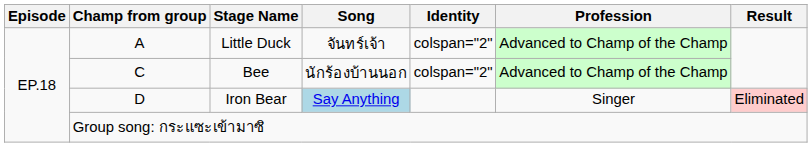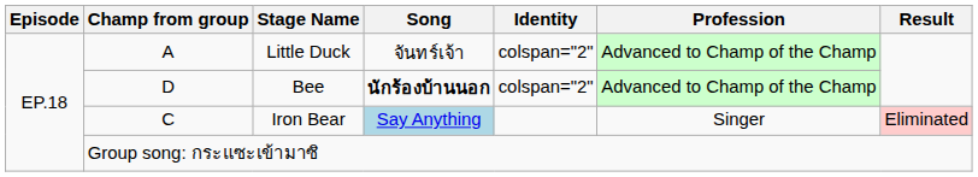 <table class="wikitable">
 <tr>
 <th>Episode</th>
 <th>Champ from group</th>
 <th>Stage Name</th>
 <th>Song</th>
 <th>Identity</th>
 <th>Profession</th>
 <th>Result</th>
 </tr>
 <tr>
 <td rowspan="4" align="center">EP.18</td>
 <td align="center">A</td>
 <td align="center">Little Duck</td>
 <td align="center">จันทร์เจ้า</td>
 <td>colspan="2"  </td>
 <td style="text-align:center; background:#ccffcc;">Advanced to Champ of the Champ</td>
 </tr>
 <tr>
-<td align="center">C</td>
+<td align="center">D</td>
 <td align="center">Bee</td>
-<td align="center">นักร้องบ้านนอก</td>
+<td align="center"><strong>นักร้องบ้านนอก</strong></td>
 <td>colspan="2"  </td>
 <td style="text-align:center; background:#ccffcc;">Advanced to Champ of the Champ</td>
 </tr>
 <tr>
-<td align="center">D</td>
+<td align="center">C</td>
 <td align="center">Iron Bear</td>
 <td align="center" style="background: lightblue;"><a href='#'>Say Anything</a></td>
 <td style="text-align:center;"></td>
 <td style="text-align:center;">Singer</td>
 <td style="text-align:center; background:#ffcccc;">Eliminated</td>
 </tr>
 <tr>
 <td colspan="7">Group song: กระแซะเข้ามาซิ</td>
 </tr>
 </table>
